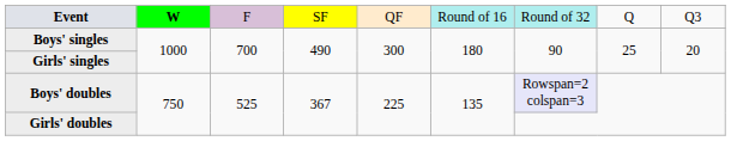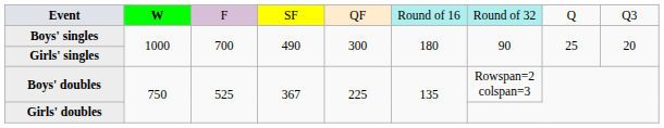 <table class="wikitable nowrap" style="font-size:90%; text-align:center">
 <tr>
 <th style="width:130px; background:#dfe2e9;">Event</th>
 <th style="width:70px; background:lime;">W</th>
 <td style="width:70px; background:thistle;">F</td>
 <td style="width:70px; background:#ff0;">SF</td>
 <td style="width:70px; background:#ffebcd;">QF</td>
 <td style="width:80px; background:#afeeee;">Round of 16</td>
 <td style="width:80px; background:#afeeee;">Round of 32</td>
 <td style="width:60px;">Q</td>
 <td style="width:60px;">Q3</td>
 </tr>
 <tr>
 <th style="background:#ededed;">Boys' singles</th>
 <td rowspan=2>1000</td>
 <td rowspan=2>700</td>
 <td rowspan=2>490</td>
 <td rowspan=2>300</td>
 <td rowspan=2>180</td>
 <td rowspan=2>90</td>
 <td rowspan=2>25</td>
 <td rowspan=2>20</td>
 </tr>
 <tr>
 <th style="background:#ededed;">Girls' singles</th>
 </tr>
 <tr>
 <th style="background:#ededed;">Boys' doubles</th>
 <td rowspan=2>750</td>
 <td rowspan=2>525</td>
 <td rowspan=2>367</td>
 <td rowspan=2>225</td>
 <td rowspan=2>135</td>
-<td style="background: lavender;">Rowspan=2 colspan=3 </td>
+<td>Rowspan=2 colspan=3 </td>
 </tr>
 <tr>
 <th style="background:#ededed;">Girls' doubles</th>
 </tr>
 </table>
